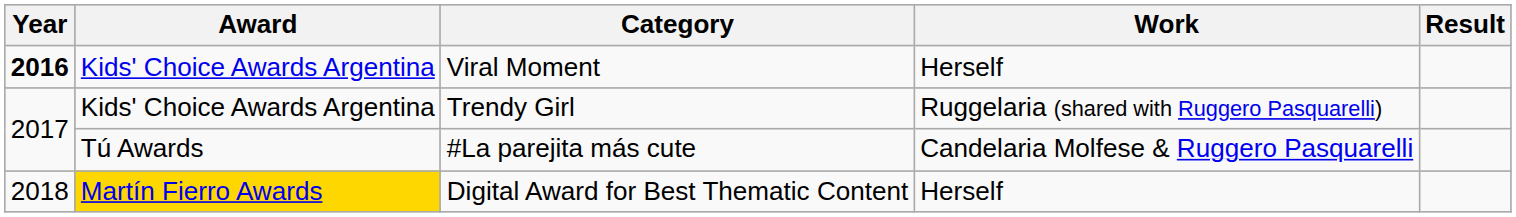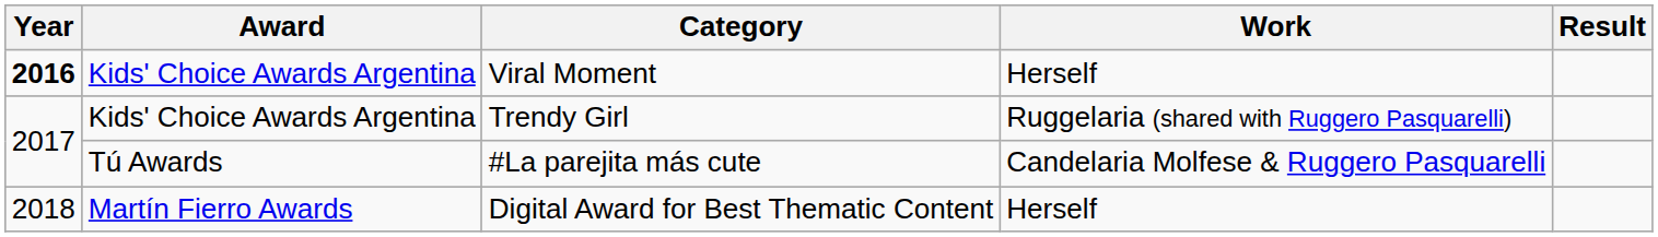 <table class="wikitable">
 <tr>
 <th>Year</th>
 <th>Award</th>
 <th>Category</th>
 <th>Work</th>
 <th>Result</th>
 </tr>
 <tr>
 <td><strong>2016</strong></td>
 <td><a href='#'>Kids' Choice Awards Argentina</a></td>
 <td>Viral Moment</td>
 <td>Herself</td>
 <td></td>
 </tr>
 <tr>
 <td rowspan="2">2017</td>
 <td>Kids' Choice Awards Argentina</td>
 <td>Trendy Girl</td>
 <td>Ruggelaria <small>(shared with <a href='#'>Ruggero Pasquarelli</a>)</small></td>
 <td></td>
 </tr>
 <tr>
 <td>Tú Awards</td>
 <td>#La parejita más cute</td>
 <td>Candelaria Molfese & <a href='#'>Ruggero Pasquarelli</a></td>
 <td></td>
 </tr>
 <tr>
 <td>2018</td>
-<td style="background: gold;"><a href='#'>Martín Fierro Awards</a></td>
+<td><a href='#'>Martín Fierro Awards</a></td>
 <td>Digital Award for Best Thematic Content</td>
 <td>Herself</td>
 <td></td>
 </tr>
 </table>
